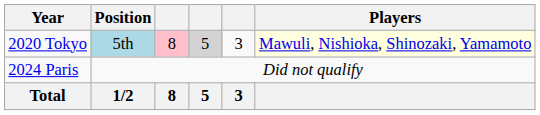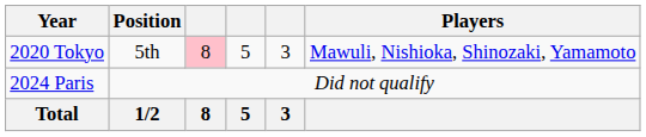 <table class="wikitable" style="text-align: center;">
 <tr>
 <th>Year</th>
 <th>Position</th>
 <th width=25px></th>
 <th width=25px></th>
 <th width=25px></th>
 <th>Players</th>
 </tr>
 <tr>
 <td style="text-align: left;"> <a href='#'>2020 Tokyo</a></td>
-<td style="background: lightblue;">5th</td>
+<td>5th</td>
 <td style="background: pink;">8</td>
-<td style="background: lightgrey;">5</td>
+<td>5</td>
 <td>3</td>
-<td style="background: lightyellow;"><a href='#'>Mawuli</a>, <a href='#'>Nishioka</a>, <a href='#'>Shinozaki</a>, <a href='#'>Yamamoto</a></td>
+<td><a href='#'>Mawuli</a>, <a href='#'>Nishioka</a>, <a href='#'>Shinozaki</a>, <a href='#'>Yamamoto</a></td>
 </tr>
 <tr>
 <td style="text-align: left;"> <a href='#'>2024 Paris</a></td>
 <td colspan=5><em>Did not qualify</em></td>
 </tr>
 <tr>
 <th>Total</th>
 <th>1/2</th>
 <th>8</th>
 <th>5</th>
 <th>3</th>
 <th></th>
 </tr>
 </table>
